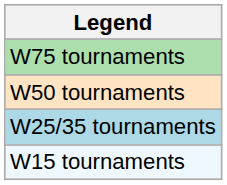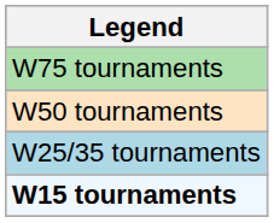 <table class=wikitable style="font-size:85%">
 <tr>
 <th>Legend</th>
 </tr>
 <tr style="background:#addfad;">
 <td>W75 tournaments</td>
 </tr>
 <tr style="background:#ffe4c4;">
 <td>W50 tournaments</td>
 </tr>
 <tr style="background:lightblue;">
 <td>W25/35 tournaments</td>
 </tr>
 <tr style="background:#f0f8ff;">
-<td>W15 tournaments</td>
+<td><strong>W15 tournaments</strong></td>
 </tr>
 </table>
